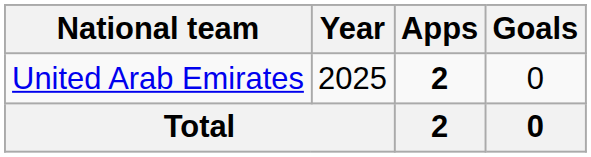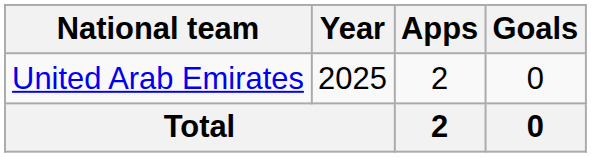 <table class="wikitable" style="text-align: center;">
 <tr>
 <th>National team</th>
 <th>Year</th>
 <th>Apps</th>
 <th>Goals</th>
 </tr>
 <tr>
 <td rowspan="1"><a href='#'>United Arab Emirates</a></td>
 <td>2025</td>
-<td><strong>2</strong></td>
+<td>2</td>
 <td>0</td>
 </tr>
 <tr>
 <th colspan="2">Total</th>
 <th>2</th>
 <th>0</th>
 </tr>
 </table>
